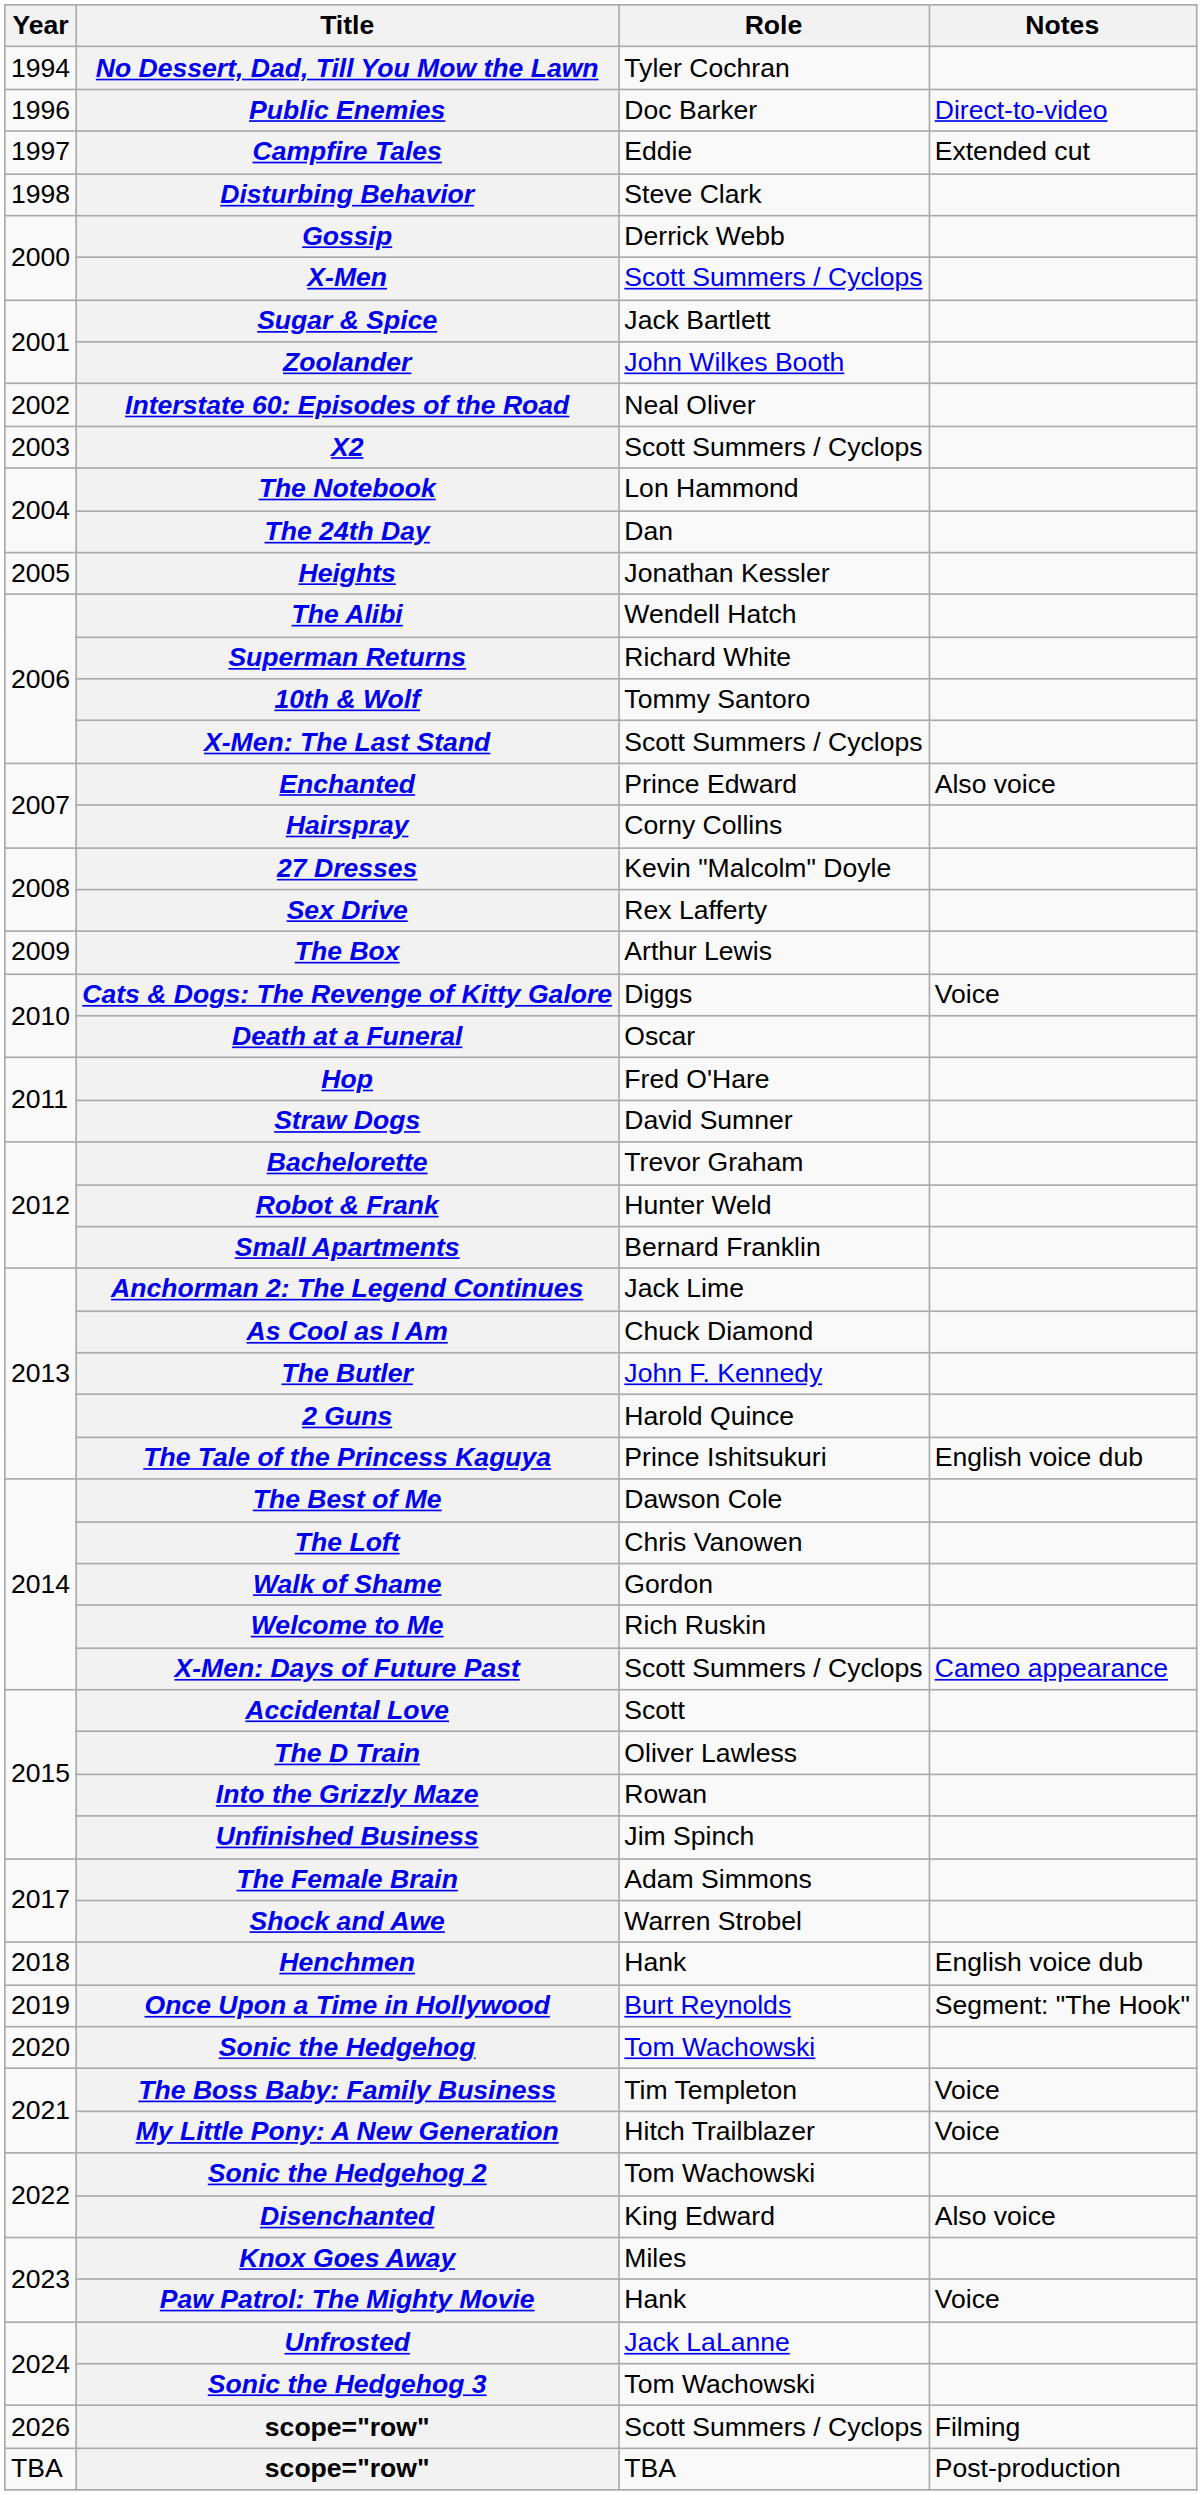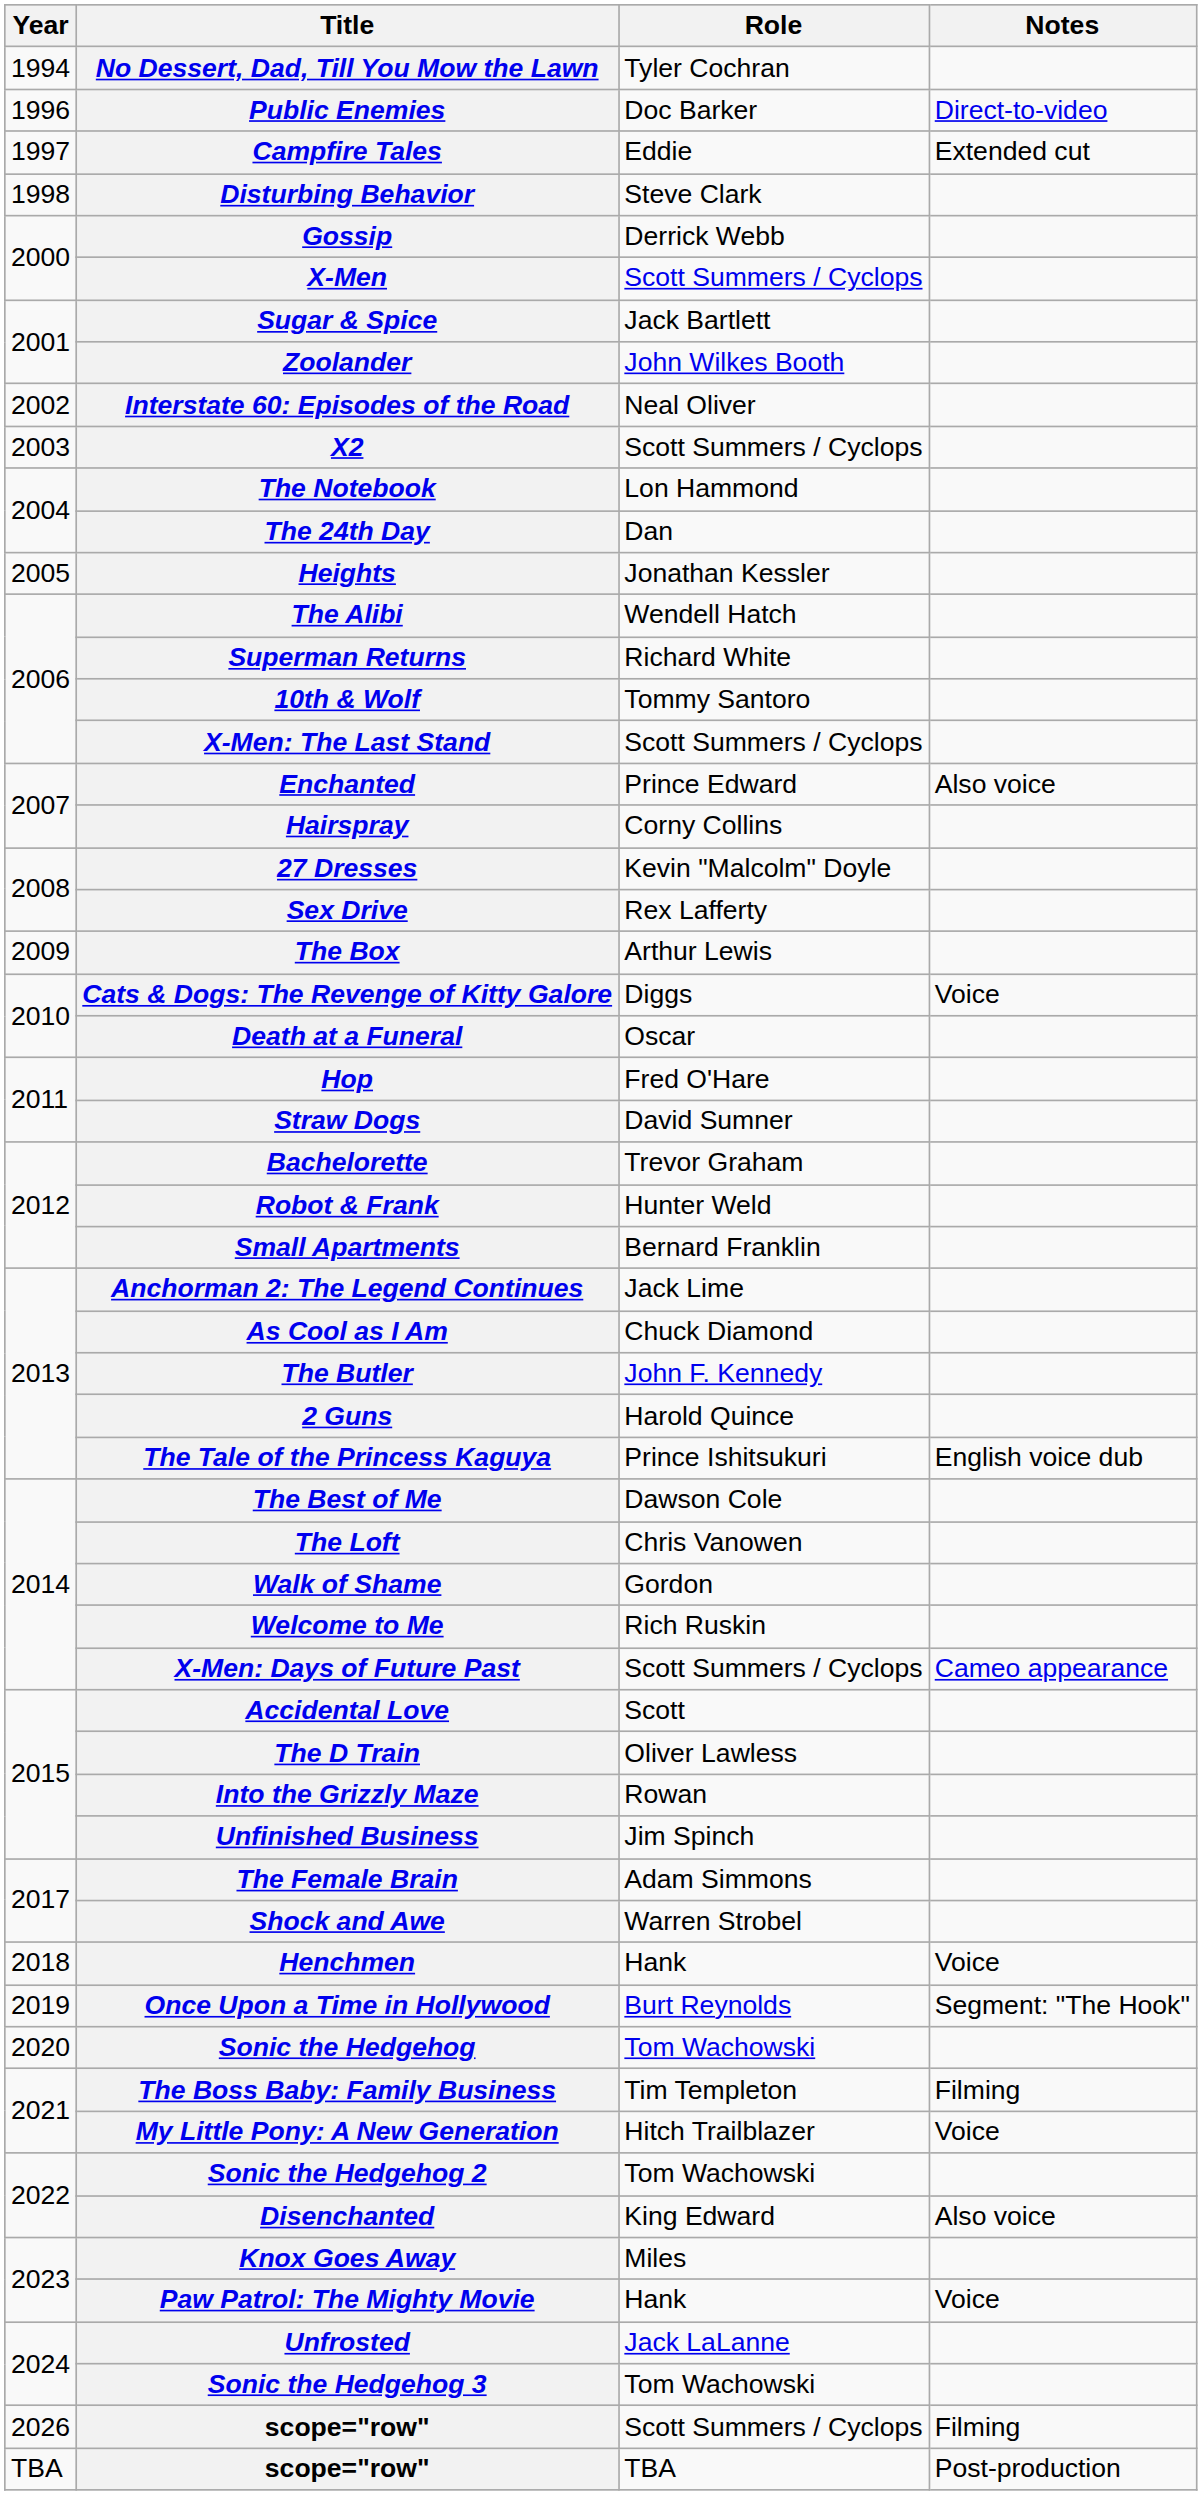 <table class="wikitable plainrowheaders sortable">
 <tr>
 <th scope="col">Year</th>
 <th scope="col">Title</th>
 <th scope="col">Role</th>
 <th scope="col" class="unsortable">Notes</th>
 </tr>
 <tr>
 <td>1994</td>
 <th scope="row"><em><a href='#'>No Dessert, Dad, Till You Mow the Lawn</a></em></th>
 <td>Tyler Cochran</td>
 <td></td>
 </tr>
 <tr>
 <td>1996</td>
 <th scope="row"><em><a href='#'>Public Enemies</a></em></th>
 <td>Doc Barker</td>
 <td><a href='#'>Direct-to-video</a></td>
 </tr>
 <tr>
 <td>1997</td>
 <th scope="row"><em><a href='#'>Campfire Tales</a></em></th>
 <td>Eddie</td>
 <td>Extended cut</td>
 </tr>
 <tr>
 <td>1998</td>
 <th scope="row"><em><a href='#'>Disturbing Behavior</a></em></th>
 <td>Steve Clark</td>
 <td></td>
 </tr>
 <tr>
 <td rowspan = "2">2000</td>
 <th scope="row"><em><a href='#'>Gossip</a></em></th>
 <td>Derrick Webb</td>
 <td></td>
 </tr>
 <tr>
 <th scope="row"><em><a href='#'>X-Men</a></em></th>
 <td><a href='#'>Scott Summers / Cyclops</a></td>
 <td></td>
 </tr>
 <tr>
 <td rowspan = "2">2001</td>
 <th scope="row"><em><a href='#'>Sugar & Spice</a></em></th>
 <td>Jack Bartlett</td>
 <td></td>
 </tr>
 <tr>
 <th scope="row"><em><a href='#'>Zoolander</a></em></th>
 <td><a href='#'>John Wilkes Booth</a></td>
 <td></td>
 </tr>
 <tr>
 <td>2002</td>
 <th scope="row"><em><a href='#'>Interstate 60: Episodes of the Road</a></em></th>
 <td>Neal Oliver</td>
 <td></td>
 </tr>
 <tr>
 <td>2003</td>
 <th scope="row"><em><a href='#'>X2</a></em></th>
 <td>Scott Summers / Cyclops</td>
 <td></td>
 </tr>
 <tr>
 <td rowspan = "2">2004</td>
 <th scope="row" data-sort-value="Notebook, The"><em><a href='#'>The Notebook</a></em></th>
 <td>Lon Hammond</td>
 <td></td>
 </tr>
 <tr>
 <th scope="row" data-sort-value="Twenty-fourth Day, The"><em><a href='#'>The 24th Day</a></em></th>
 <td>Dan</td>
 <td></td>
 </tr>
 <tr>
 <td>2005</td>
 <th scope="row"><em><a href='#'>Heights</a></em></th>
 <td>Jonathan Kessler</td>
 <td></td>
 </tr>
 <tr>
 <td rowspan = "4">2006</td>
 <th scope="row" data-sort-value="Alibi, The"><em><a href='#'>The Alibi</a></em></th>
 <td>Wendell Hatch</td>
 <td></td>
 </tr>
 <tr>
 <th scope="row"><em><a href='#'>Superman Returns</a></em></th>
 <td>Richard White</td>
 <td></td>
 </tr>
 <tr>
 <th scope="row" data-sort-value="Tenth and Wolf"><em><a href='#'>10th & Wolf</a></em></th>
 <td>Tommy Santoro</td>
 <td></td>
 </tr>
 <tr>
 <th scope="row"><em><a href='#'>X-Men: The Last Stand</a></em></th>
 <td>Scott Summers / Cyclops</td>
 <td></td>
 </tr>
 <tr>
 <td rowspan = "2">2007</td>
 <th scope="row"><em><a href='#'>Enchanted</a></em></th>
 <td>Prince Edward</td>
 <td>Also voice</td>
 </tr>
 <tr>
 <th scope="row"><em><a href='#'>Hairspray</a></em></th>
 <td>Corny Collins</td>
 <td></td>
 </tr>
 <tr>
 <td rowspan = "2">2008</td>
 <th scope="row" data-sort-value="Twenty-seven Dresses"><em><a href='#'>27 Dresses</a></em></th>
 <td>Kevin "Malcolm" Doyle</td>
 <td></td>
 </tr>
 <tr>
 <th scope="row"><em><a href='#'>Sex Drive</a></em></th>
 <td>Rex Lafferty</td>
 <td></td>
 </tr>
 <tr>
 <td>2009</td>
 <th scope="row" data-sort-value="Box, The"><em><a href='#'>The Box</a></em></th>
 <td>Arthur Lewis</td>
 <td></td>
 </tr>
 <tr>
 <td rowspan=2>2010</td>
 <th scope="row"><em><a href='#'>Cats & Dogs: The Revenge of Kitty Galore</a></em></th>
 <td>Diggs</td>
 <td>Voice</td>
 </tr>
 <tr>
 <th scope="row"><em><a href='#'>Death at a Funeral</a></em></th>
 <td>Oscar</td>
 <td></td>
 </tr>
 <tr>
 <td rowspan=2>2011</td>
 <th scope="row"><em><a href='#'>Hop</a></em></th>
 <td>Fred O'Hare</td>
 <td></td>
 </tr>
 <tr>
 <th scope="row"><em><a href='#'>Straw Dogs</a></em></th>
 <td>David Sumner</td>
 <td></td>
 </tr>
 <tr>
 <td rowspan = "3">2012</td>
 <th scope="row"><em><a href='#'>Bachelorette</a></em></th>
 <td>Trevor Graham</td>
 <td></td>
 </tr>
 <tr>
 <th scope="row"><em><a href='#'>Robot & Frank</a></em></th>
 <td>Hunter Weld</td>
 <td></td>
 </tr>
 <tr>
 <th scope="row"><em><a href='#'>Small Apartments</a></em></th>
 <td>Bernard Franklin</td>
 <td></td>
 </tr>
 <tr>
 <td rowspan = "5">2013</td>
 <th scope="row"><em><a href='#'>Anchorman 2: The Legend Continues</a></em></th>
 <td>Jack Lime</td>
 <td></td>
 </tr>
 <tr>
 <th scope="row"><em><a href='#'>As Cool as I Am</a></em></th>
 <td>Chuck Diamond</td>
 <td></td>
 </tr>
 <tr>
 <th scope="row" data-sort-value="Butler, The"><em><a href='#'>The Butler</a></em></th>
 <td><a href='#'>John F. Kennedy</a></td>
 <td></td>
 </tr>
 <tr>
 <th scope="row" data-sort-value="Two Guns"><em><a href='#'>2 Guns</a></em></th>
 <td>Harold Quince</td>
 <td></td>
 </tr>
 <tr>
 <th scope="row" data-sort-value="Tale of the Princess Kaguya, The"><em><a href='#'>The Tale of the Princess Kaguya</a></em></th>
 <td>Prince Ishitsukuri</td>
 <td>English voice dub</td>
 </tr>
 <tr>
 <td rowspan = "5">2014</td>
 <th scope="row" data-sort-value="Best of Me, The"><em><a href='#'>The Best of Me</a></em></th>
 <td>Dawson Cole</td>
 <td></td>
 </tr>
 <tr>
 <th scope="row" data-sort-value="Loft, The"><em><a href='#'>The Loft</a></em></th>
 <td>Chris Vanowen</td>
 <td></td>
 </tr>
 <tr>
 <th scope="row"><em><a href='#'>Walk of Shame</a></em></th>
 <td>Gordon</td>
 <td></td>
 </tr>
 <tr>
 <th scope="row"><em><a href='#'>Welcome to Me</a></em></th>
 <td>Rich Ruskin</td>
 <td></td>
 </tr>
 <tr>
 <th scope="row"><em><a href='#'>X-Men: Days of Future Past</a></em></th>
 <td>Scott Summers / Cyclops</td>
 <td><a href='#'>Cameo appearance</a></td>
 </tr>
 <tr>
 <td rowspan = "4">2015</td>
 <th scope="row"><em><a href='#'>Accidental Love</a></em></th>
 <td>Scott</td>
 <td></td>
 </tr>
 <tr>
 <th scope="row" data-sort-value="D Train, The"><em><a href='#'>The D Train</a></em></th>
 <td>Oliver Lawless</td>
 <td></td>
 </tr>
 <tr>
 <th scope="row"><em><a href='#'>Into the Grizzly Maze</a></em></th>
 <td>Rowan</td>
 <td></td>
 </tr>
 <tr>
 <th scope="row"><em><a href='#'>Unfinished Business</a></em></th>
 <td>Jim Spinch</td>
 <td></td>
 </tr>
 <tr>
 <td rowspan = "2">2017</td>
 <th scope="row" data-sort-value="Female Brain, The"><em><a href='#'>The Female Brain</a></em></th>
 <td>Adam Simmons</td>
 <td></td>
 </tr>
 <tr>
 <th scope="row"><em><a href='#'>Shock and Awe</a></em></th>
 <td>Warren Strobel</td>
 <td></td>
 </tr>
 <tr>
 <td>2018</td>
 <th scope="row"><em><a href='#'>Henchmen</a></em></th>
 <td>Hank</td>
-<td>English voice dub</td>
+<td>Voice</td>
 </tr>
 <tr>
 <td>2019</td>
 <th scope="row"><em><a href='#'>Once Upon a Time in Hollywood</a></em></th>
 <td><a href='#'>Burt Reynolds</a></td>
 <td>Segment: "The Hook"</td>
 </tr>
 <tr>
 <td>2020</td>
 <th scope="row"><em><a href='#'>Sonic the Hedgehog</a></em></th>
 <td><a href='#'>Tom Wachowski</a></td>
 <td></td>
 </tr>
 <tr>
 <td rowspan = "2">2021</td>
 <th scope="row" data-sort-value="Boss Baby: Family Business, The"><em><a href='#'>The Boss Baby: Family Business</a></em></th>
 <td>Tim Templeton</td>
-<td>Voice</td>
+<td>Filming</td>
 </tr>
 <tr>
 <th scope="row"><em><a href='#'>My Little Pony: A New Generation</a></em></th>
 <td>Hitch Trailblazer</td>
 <td>Voice</td>
 </tr>
 <tr>
 <td rowspan = "2">2022</td>
 <th scope="row"><em><a href='#'>Sonic the Hedgehog 2</a></em></th>
 <td>Tom Wachowski</td>
 <td></td>
 </tr>
 <tr>
 <th scope="row"><em><a href='#'>Disenchanted</a></em></th>
 <td>King Edward</td>
 <td>Also voice</td>
 </tr>
 <tr>
 <td rowspan = "2">2023</td>
 <th scope="row"><em><a href='#'>Knox Goes Away</a></em></th>
 <td>Miles</td>
 <td></td>
 </tr>
 <tr>
 <th scope="row"><em><a href='#'>Paw Patrol: The Mighty Movie</a></em></th>
 <td>Hank</td>
 <td>Voice</td>
 </tr>
 <tr>
 <td rowspan = "2">2024</td>
 <th scope="row"><em><a href='#'>Unfrosted</a></em></th>
 <td><a href='#'>Jack LaLanne</a></td>
 <td></td>
 </tr>
 <tr>
 <th scope="row"><em><a href='#'>Sonic the Hedgehog 3</a></em></th>
 <td>Tom Wachowski</td>
 <td></td>
 </tr>
 <tr>
 <td>2026</td>
 <th>scope="row" </th>
 <td>Scott Summers / Cyclops</td>
 <td>Filming</td>
 </tr>
 <tr>
 <td>TBA</td>
 <th>scope="row" </th>
 <td>TBA</td>
 <td>Post-production</td>
 </tr>
 </table>
